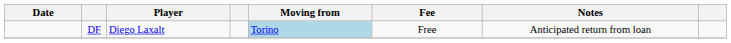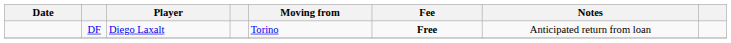 <table class="wikitable sortable">
 <tr>
 <th style="width:110px">Date</th>
 <th style="width:30px"></th>
 <th style="width:180px">Player</th>
 <th style="width:20px"></th>
 <th style="width:180px">Moving from</th>
 <th style="width:160px">Fee</th>
 <th style="width:320px" class="unsortable">Notes</th>
 <th style="width:35px"></th>
 </tr>
 <tr>
 <td></td>
 <td style="text-align:center"><a href='#'>DF</a></td>
 <td> <a href='#'>Diego Laxalt</a></td>
 <td style="text-align:center"></td>
-<td style="background: lightblue;"> <a href='#'>Torino</a></td>
-<td style="text-align:center">Free</td>
+<td> <a href='#'>Torino</a></td>
+<td style="text-align:center"><strong>Free</strong></td>
 <td style="text-align:center">Anticipated return from loan</td>
 <td></td>
 </tr>
 <tr>
 </tr>
 </table>
